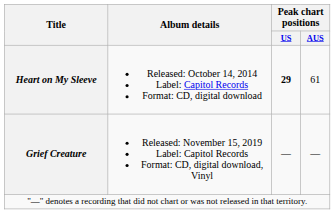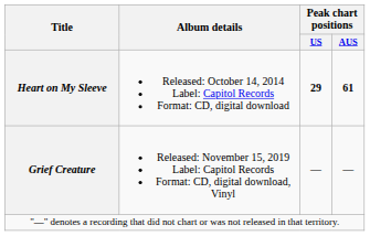 <table class="wikitable plainrowheaders" style="text-align:center;" border="1">
 <tr>
 <th scope="col" rowspan="2" style="width:10em;">Title</th>
 <th scope="col" rowspan="2" style="width:16em;">Album details</th>
 <th scope="col" colspan="2">Peak chart positions</th>
 </tr>
 <tr>
 <th scope="col" style="width:3em;font-size:85%;"><a href='#'>US</a><br></th>
 <th scope="col" style="width:3em;font-size:85%;"><a href='#'>AUS</a><br></th>
 </tr>
 <tr>
 <th scope="row"><em>Heart on My Sleeve</em></th>
 <td><br><ul><li>Released: October 14, 2014</li><li>Label: <a href='#'>Capitol Records</a></li><li>Format: CD, digital download</li></ul></td>
 <td><strong>29</strong></td>
-<td>61</td>
+<td><strong>61</strong></td>
 </tr>
 <tr>
 <th scope="row"><em>Grief Creature</em></th>
 <td><br><ul><li>Released: November 15, 2019</li><li>Label: Capitol Records</li><li>Format: CD, digital download, Vinyl</li></ul></td>
 <td>—</td>
 <td>—</td>
 </tr>
 <tr>
 <td colspan="14" style="font-size:90%">"—" denotes a recording that did not chart or was not released in that territory.</td>
 </tr>
 </table>
